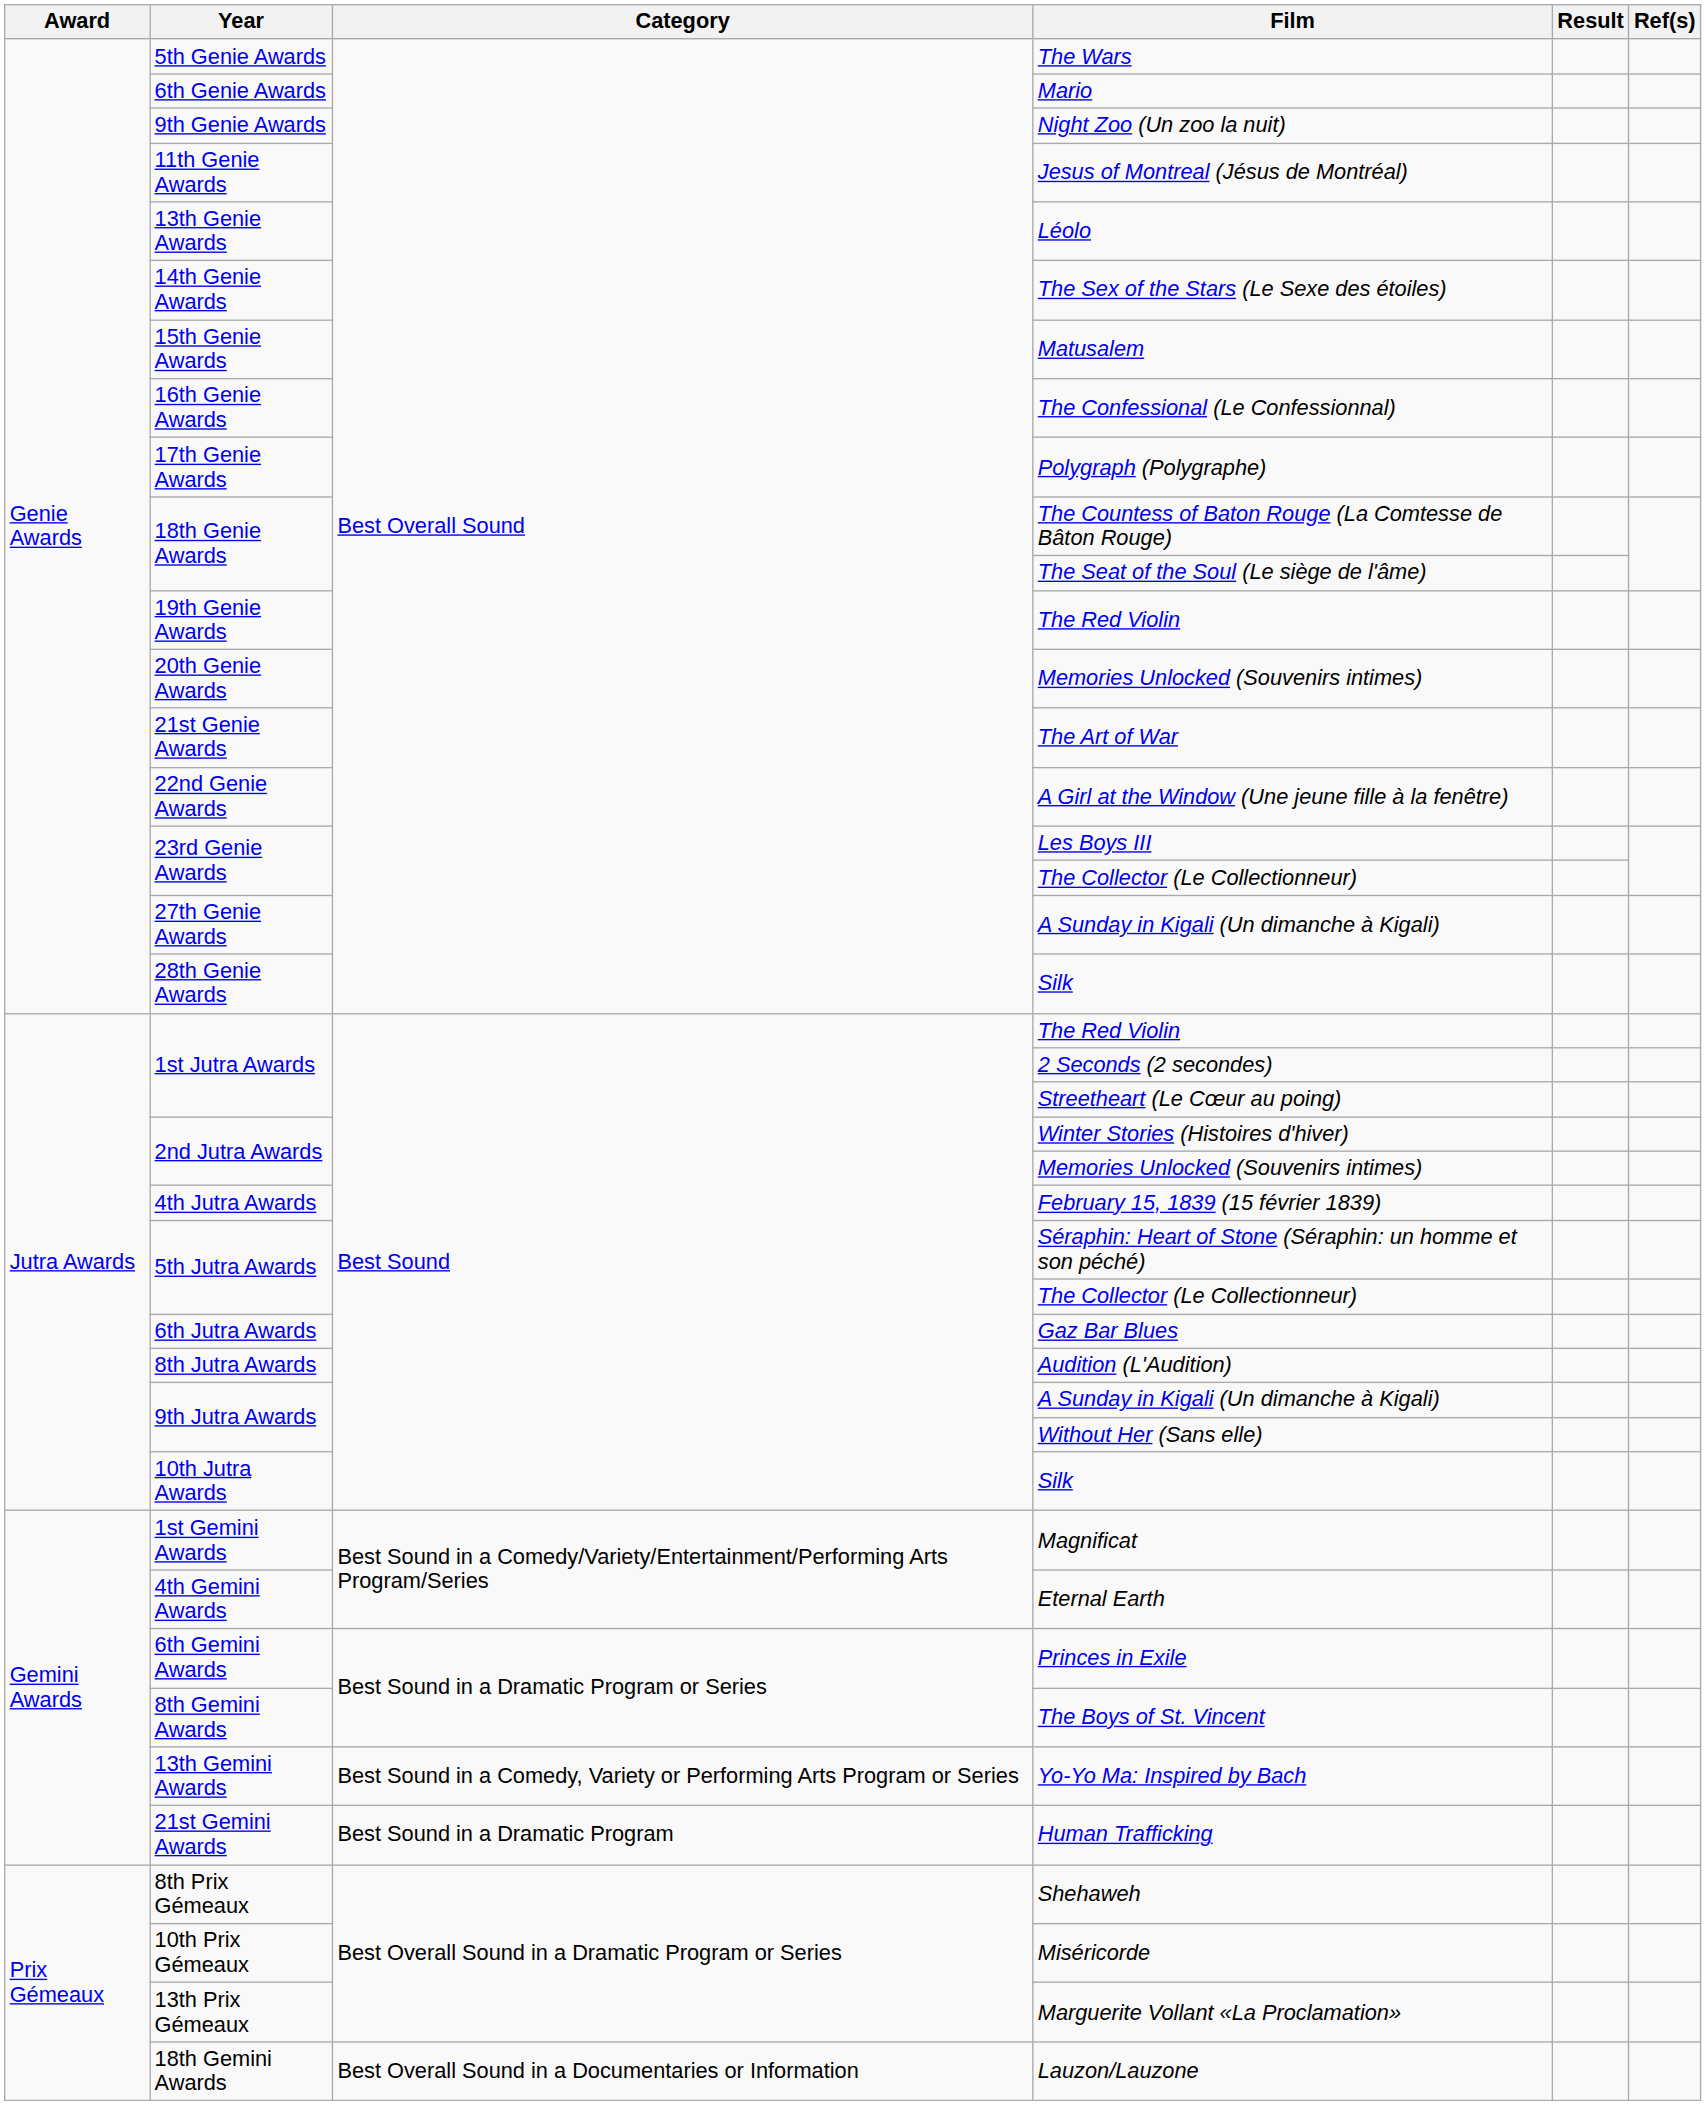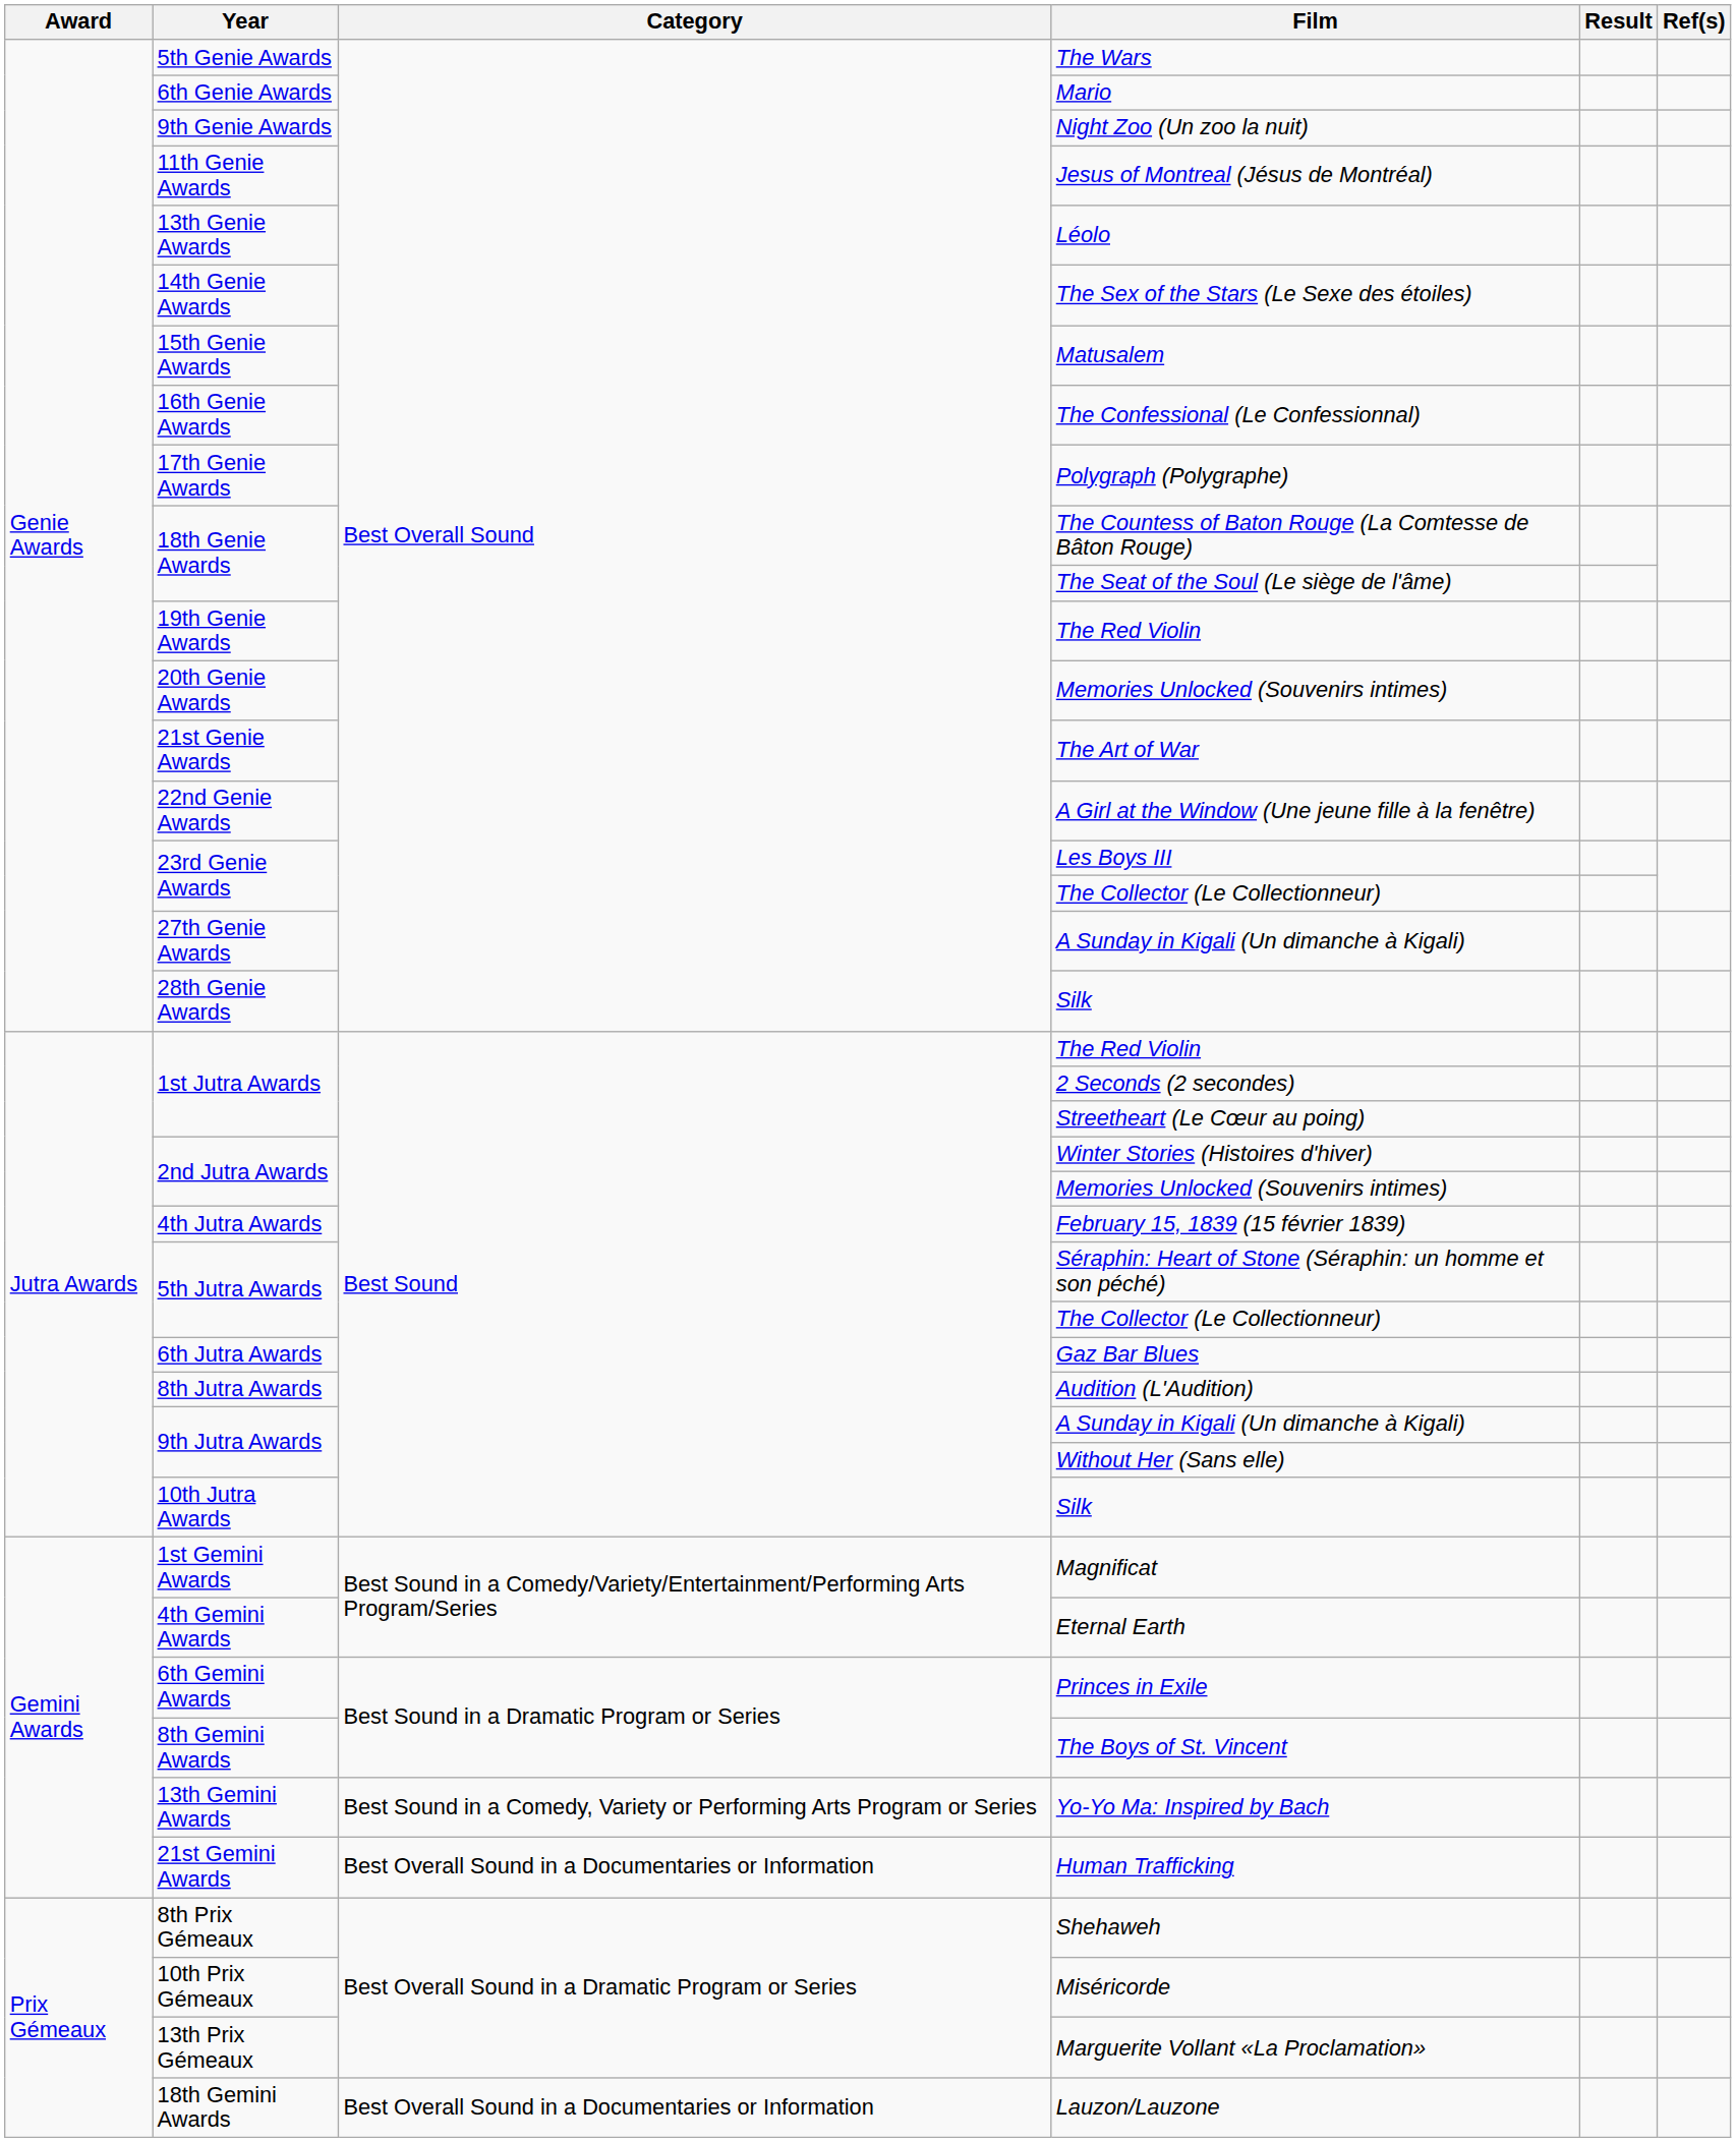 <table class="wikitable plainrowheaders sortable">
 <tr>
 <th>Award</th>
 <th>Year</th>
 <th>Category</th>
 <th>Film</th>
 <th>Result</th>
 <th>Ref(s)</th>
 </tr>
 <tr>
 <td rowspan=19><a href='#'>Genie Awards</a></td>
 <td><a href='#'>5th Genie Awards</a></td>
 <td rowspan=19><a href='#'>Best Overall Sound</a></td>
 <td><em><a href='#'>The Wars</a></em></td>
 <td></td>
 <td></td>
 </tr>
 <tr>
 <td><a href='#'>6th Genie Awards</a></td>
 <td><em><a href='#'>Mario</a></em></td>
 <td></td>
 <td></td>
 </tr>
 <tr>
 <td><a href='#'>9th Genie Awards</a></td>
 <td><em><a href='#'>Night Zoo</a> (Un zoo la nuit)</em></td>
 <td></td>
 <td></td>
 </tr>
 <tr>
 <td><a href='#'>11th Genie Awards</a></td>
 <td><em><a href='#'>Jesus of Montreal</a> (Jésus de Montréal)</em></td>
 <td></td>
 <td></td>
 </tr>
 <tr>
 <td><a href='#'>13th Genie Awards</a></td>
 <td><em><a href='#'>Léolo</a></em></td>
 <td></td>
 <td></td>
 </tr>
 <tr>
 <td><a href='#'>14th Genie Awards</a></td>
 <td><em><a href='#'>The Sex of the Stars</a> (Le Sexe des étoiles)</em></td>
 <td></td>
 <td></td>
 </tr>
 <tr>
 <td><a href='#'>15th Genie Awards</a></td>
 <td><em><a href='#'>Matusalem</a></em></td>
 <td></td>
 <td></td>
 </tr>
 <tr>
 <td><a href='#'>16th Genie Awards</a></td>
 <td><em><a href='#'>The Confessional</a> (Le Confessionnal)</em></td>
 <td></td>
 <td></td>
 </tr>
 <tr>
 <td><a href='#'>17th Genie Awards</a></td>
 <td><em><a href='#'>Polygraph</a> (Polygraphe)</em></td>
 <td></td>
 <td></td>
 </tr>
 <tr>
 <td rowspan=2><a href='#'>18th Genie Awards</a></td>
 <td><em><a href='#'>The Countess of Baton Rouge</a> (La Comtesse de Bâton Rouge)</em></td>
 <td></td>
 <td rowspan=2></td>
 </tr>
 <tr>
 <td><em><a href='#'>The Seat of the Soul</a> (Le siège de l'âme)</em></td>
 <td></td>
 </tr>
 <tr>
 <td><a href='#'>19th Genie Awards</a></td>
 <td><em><a href='#'>The Red Violin</a></em></td>
 <td></td>
 <td></td>
 </tr>
 <tr>
 <td><a href='#'>20th Genie Awards</a></td>
 <td><em><a href='#'>Memories Unlocked</a> (Souvenirs intimes)</em></td>
 <td></td>
 <td></td>
 </tr>
 <tr>
 <td><a href='#'>21st Genie Awards</a></td>
 <td><em><a href='#'>The Art of War</a></em></td>
 <td></td>
 <td></td>
 </tr>
 <tr>
 <td><a href='#'>22nd Genie Awards</a></td>
 <td><em><a href='#'>A Girl at the Window</a> (Une jeune fille à la fenêtre)</em></td>
 <td></td>
 <td></td>
 </tr>
 <tr>
 <td rowspan=2><a href='#'>23rd Genie Awards</a></td>
 <td><em><a href='#'>Les Boys III</a></em></td>
 <td></td>
 <td rowspan=2></td>
 </tr>
 <tr>
 <td><em><a href='#'>The Collector</a> (Le Collectionneur)</em></td>
 <td></td>
 </tr>
 <tr>
 <td><a href='#'>27th Genie Awards</a></td>
 <td><em><a href='#'>A Sunday in Kigali</a> (Un dimanche à Kigali)</em></td>
 <td></td>
 <td></td>
 </tr>
 <tr>
 <td><a href='#'>28th Genie Awards</a></td>
 <td><em><a href='#'>Silk</a></em></td>
 <td></td>
 <td></td>
 </tr>
 <tr>
 <td rowspan=13><a href='#'>Jutra Awards</a></td>
 <td rowspan=3><a href='#'>1st Jutra Awards</a></td>
 <td rowspan=13><a href='#'>Best Sound</a></td>
 <td><em><a href='#'>The Red Violin</a></em></td>
 <td></td>
 <td></td>
 </tr>
 <tr>
 <td><em><a href='#'>2 Seconds</a> (2 secondes)</em></td>
 <td></td>
 <td></td>
 </tr>
 <tr>
 <td><em><a href='#'>Streetheart</a> (Le Cœur au poing)</em></td>
 <td></td>
 <td></td>
 </tr>
 <tr>
 <td rowspan=2><a href='#'>2nd Jutra Awards</a></td>
 <td><em><a href='#'>Winter Stories</a> (Histoires d'hiver)</em></td>
 <td></td>
 <td></td>
 </tr>
 <tr>
 <td><em><a href='#'>Memories Unlocked</a> (Souvenirs intimes)</em></td>
 <td></td>
 <td></td>
 </tr>
 <tr>
 <td><a href='#'>4th Jutra Awards</a></td>
 <td><em><a href='#'>February 15, 1839</a> (15 février 1839)</em></td>
 <td></td>
 <td></td>
 </tr>
 <tr>
 <td rowspan=2><a href='#'>5th Jutra Awards</a></td>
 <td><em><a href='#'>Séraphin: Heart of Stone</a> (Séraphin: un homme et son péché)</em></td>
 <td></td>
 <td></td>
 </tr>
 <tr>
 <td><em><a href='#'>The Collector</a> (Le Collectionneur)</em></td>
 <td></td>
 <td></td>
 </tr>
 <tr>
 <td><a href='#'>6th Jutra Awards</a></td>
 <td><em><a href='#'>Gaz Bar Blues</a></em></td>
 <td></td>
 <td></td>
 </tr>
 <tr>
 <td><a href='#'>8th Jutra Awards</a></td>
 <td><em><a href='#'>Audition</a> (L'Audition)</em></td>
 <td></td>
 <td></td>
 </tr>
 <tr>
 <td rowspan=2><a href='#'>9th Jutra Awards</a></td>
 <td><em><a href='#'>A Sunday in Kigali</a> (Un dimanche à Kigali)</em></td>
 <td></td>
 <td></td>
 </tr>
 <tr>
 <td><em><a href='#'>Without Her</a> (Sans elle)</em></td>
 <td></td>
 <td></td>
 </tr>
 <tr>
 <td><a href='#'>10th Jutra Awards</a></td>
 <td><em><a href='#'>Silk</a></em></td>
 <td></td>
 <td></td>
 </tr>
 <tr>
 <td rowspan=6><a href='#'>Gemini Awards</a></td>
 <td><a href='#'>1st Gemini Awards</a></td>
 <td rowspan=2>Best Sound in a Comedy/Variety/Entertainment/Performing Arts Program/Series</td>
 <td><em>Magnificat</em></td>
 <td></td>
 <td></td>
 </tr>
 <tr>
 <td><a href='#'>4th Gemini Awards</a></td>
 <td><em>Eternal Earth</em></td>
 <td></td>
 <td></td>
 </tr>
 <tr>
 <td><a href='#'>6th Gemini Awards</a></td>
 <td rowspan=2>Best Sound in a Dramatic Program or Series</td>
 <td><em><a href='#'>Princes in Exile</a></em></td>
 <td></td>
 <td></td>
 </tr>
 <tr>
 <td><a href='#'>8th Gemini Awards</a></td>
 <td><em><a href='#'>The Boys of St. Vincent</a></em></td>
 <td></td>
 <td></td>
 </tr>
 <tr>
 <td><a href='#'>13th Gemini Awards</a></td>
 <td>Best Sound in a Comedy, Variety or Performing Arts Program or Series</td>
 <td><em><a href='#'>Yo-Yo Ma: Inspired by Bach</a></em></td>
 <td></td>
 <td></td>
 </tr>
 <tr>
 <td><a href='#'>21st Gemini Awards</a></td>
-<td>Best Sound in a Dramatic Program</td>
+<td rowspan=1>Best Overall Sound in a Documentaries or Information</td>
 <td><em><a href='#'>Human Trafficking</a></em></td>
 <td></td>
 <td></td>
 </tr>
 <tr>
 <td rowspan=4><a href='#'>Prix Gémeaux</a></td>
 <td>8th Prix Gémeaux</td>
 <td rowspan=3>Best Overall Sound in a Dramatic Program or Series</td>
 <td><em>Shehaweh</em></td>
 <td></td>
 <td></td>
 </tr>
 <tr>
 <td>10th Prix Gémeaux</td>
 <td><em>Miséricorde</em></td>
 <td></td>
 <td></td>
 </tr>
 <tr>
 <td>13th Prix Gémeaux</td>
 <td><em>Marguerite Vollant «La Proclamation»</em></td>
 <td></td>
 <td></td>
 </tr>
 <tr>
 <td>18th Gemini Awards</td>
 <td rowspan=1>Best Overall Sound in a Documentaries or Information</td>
 <td><em>Lauzon/Lauzone</em></td>
 <td></td>
 <td></td>
 </tr>
 </table>
